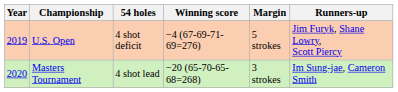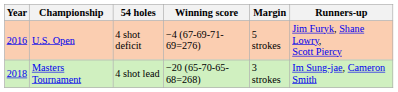 <table class="wikitable">
 <tr>
 <th>Year</th>
 <th>Championship</th>
 <th>54 holes</th>
 <th>Winning score</th>
 <th>Margin</th>
 <th>Runners-up</th>
 </tr>
 <tr style="background:#FBCEB1;">
-<td><a href='#'>2019</a></td>
+<td><a href='#'>2016</a></td>
 <td><a href='#'>U.S. Open</a></td>
 <td>4 shot deficit</td>
 <td>−4 (67-69-71-69=276)</td>
 <td>5 strokes</td>
 <td> <a href='#'>Jim Furyk</a>,  <a href='#'>Shane Lowry</a>,<br> <a href='#'>Scott Piercy</a></td>
 </tr>
 <tr style="background:#d0f0c0">
-<td><a href='#'>2020</a></td>
+<td><a href='#'>2018</a></td>
 <td><a href='#'>Masters Tournament</a></td>
 <td>4 shot lead</td>
 <td>−20 (65-70-65-68=268)</td>
 <td>3 strokes</td>
 <td> <a href='#'>Im Sung-jae</a>,  <a href='#'>Cameron Smith</a></td>
 </tr>
 </table>
